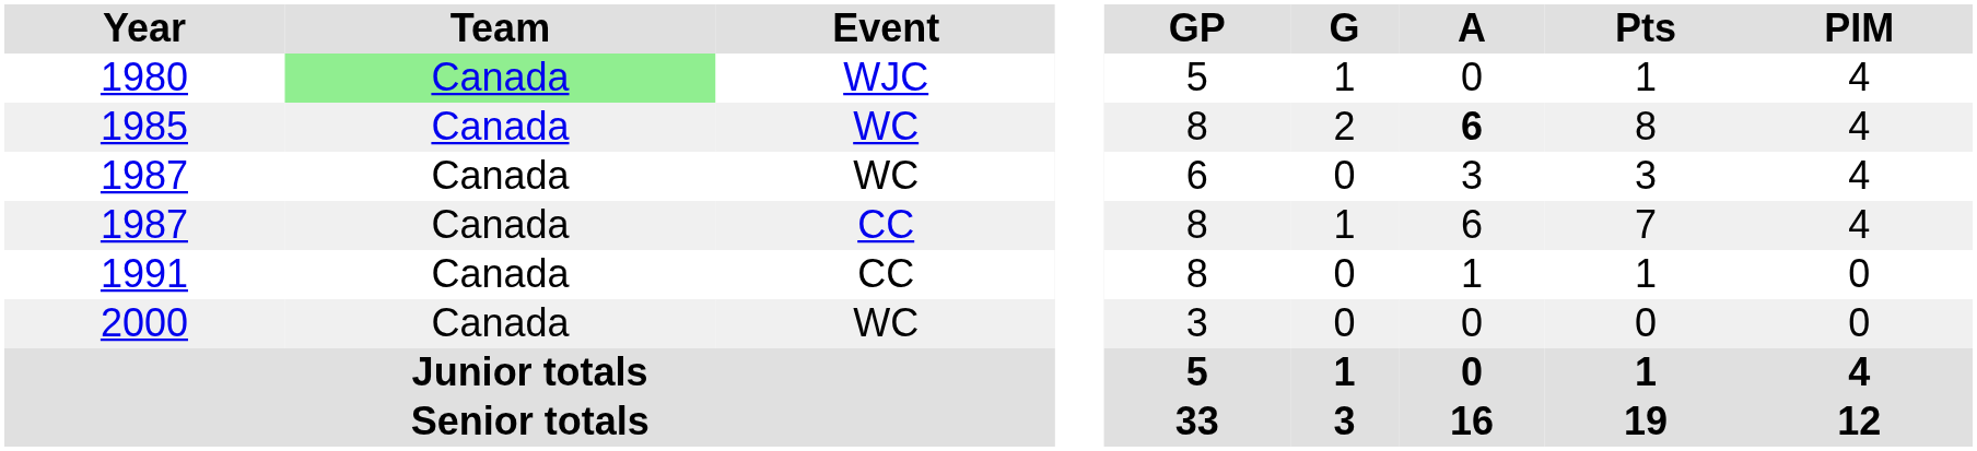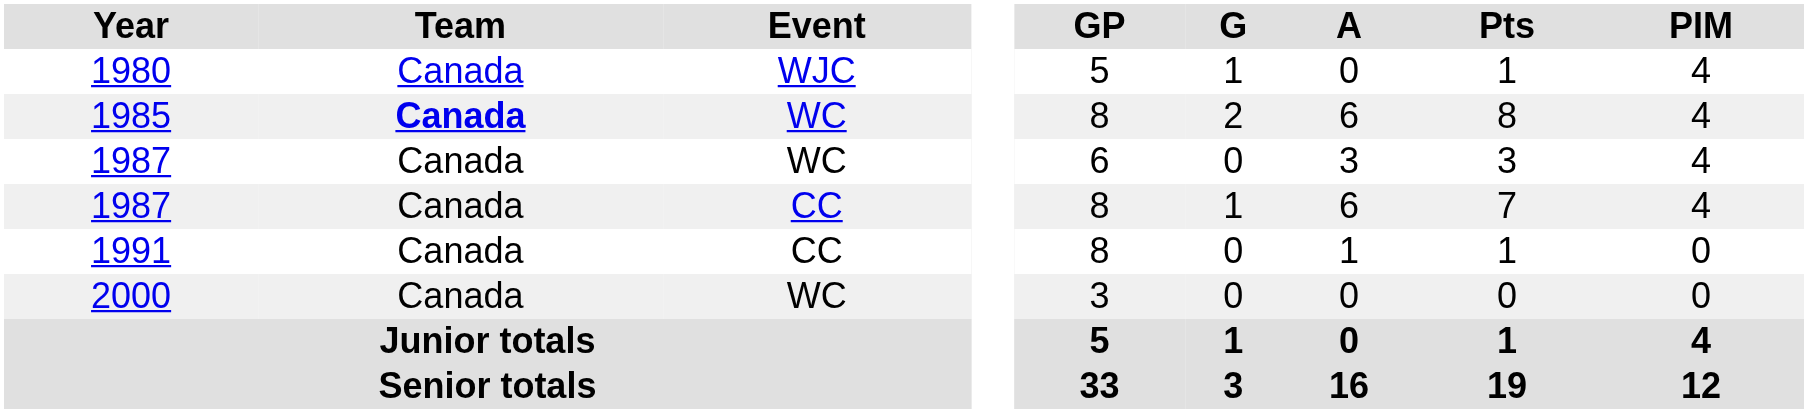 <table border="0" cellpadding="1" cellspacing="0" style="text-align:center; width:50em">
 <tr ALIGN="center" bgcolor="#e0e0e0">
 <th>Year</th>
 <th>Team</th>
 <th>Event</th>
 <th rowspan="99" bgcolor="#ffffff"> </th>
 <th>GP</th>
 <th>G</th>
 <th>A</th>
 <th>Pts</th>
 <th>PIM</th>
 </tr>
 <tr>
 <td><a href='#'>1980</a></td>
-<td style="background: lightgreen;"><a href='#'>Canada</a></td>
+<td><a href='#'>Canada</a></td>
 <td><a href='#'>WJC</a></td>
 <td>5</td>
 <td>1</td>
 <td>0</td>
 <td>1</td>
 <td>4</td>
 </tr>
 <tr bgcolor="#f0f0f0">
 <td><a href='#'>1985</a></td>
-<td><a href='#'>Canada</a></td>
+<td><strong><a href='#'>Canada</a></strong></td>
 <td><a href='#'>WC</a></td>
 <td>8</td>
 <td>2</td>
-<td><strong>6</strong></td>
+<td>6</td>
 <td>8</td>
 <td>4</td>
 </tr>
 <tr>
 <td><a href='#'>1987</a></td>
 <td>Canada</td>
 <td>WC</td>
 <td>6</td>
 <td>0</td>
 <td>3</td>
 <td>3</td>
 <td>4</td>
 </tr>
 <tr bgcolor="#f0f0f0">
 <td><a href='#'>1987</a></td>
 <td>Canada</td>
 <td><a href='#'>CC</a></td>
 <td>8</td>
 <td>1</td>
 <td>6</td>
 <td>7</td>
 <td>4</td>
 </tr>
 <tr>
 <td><a href='#'>1991</a></td>
 <td>Canada</td>
 <td>CC</td>
 <td>8</td>
 <td>0</td>
 <td>1</td>
 <td>1</td>
 <td>0</td>
 </tr>
 <tr bgcolor="#f0f0f0">
 <td><a href='#'>2000</a></td>
 <td>Canada</td>
 <td>WC</td>
 <td>3</td>
 <td>0</td>
 <td>0</td>
 <td>0</td>
 <td>0</td>
 </tr>
 <tr style="background:#e0e0e0;">
 <th colspan="3">Junior totals</th>
 <th>5</th>
 <th>1</th>
 <th>0</th>
 <th>1</th>
 <th>4</th>
 </tr>
 <tr style="background:#e0e0e0;">
 <th colspan="3">Senior totals</th>
 <th>33</th>
 <th>3</th>
 <th>16</th>
 <th>19</th>
 <th>12</th>
 </tr>
 </table>
